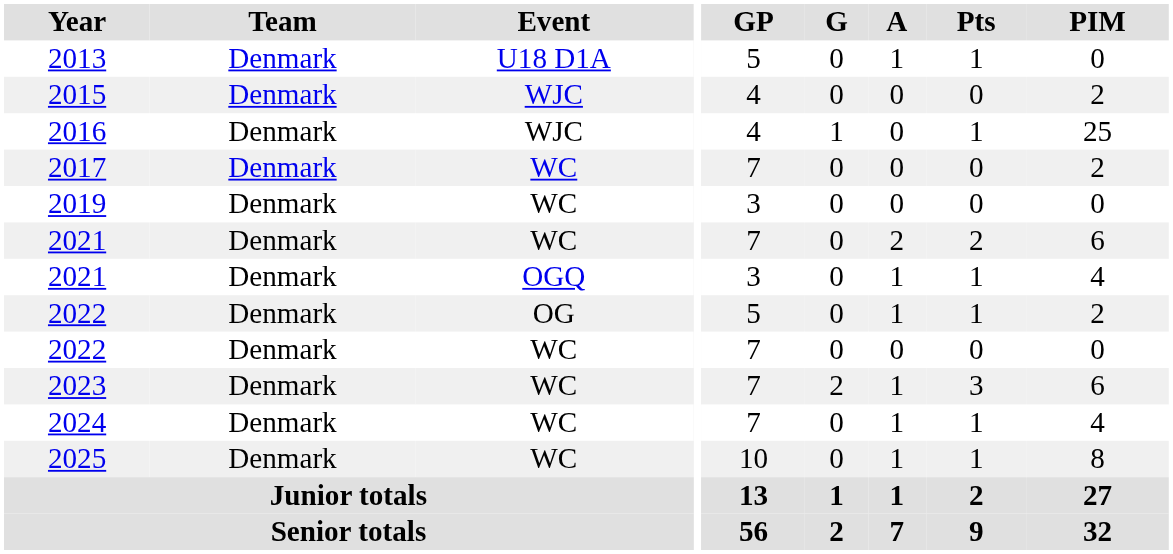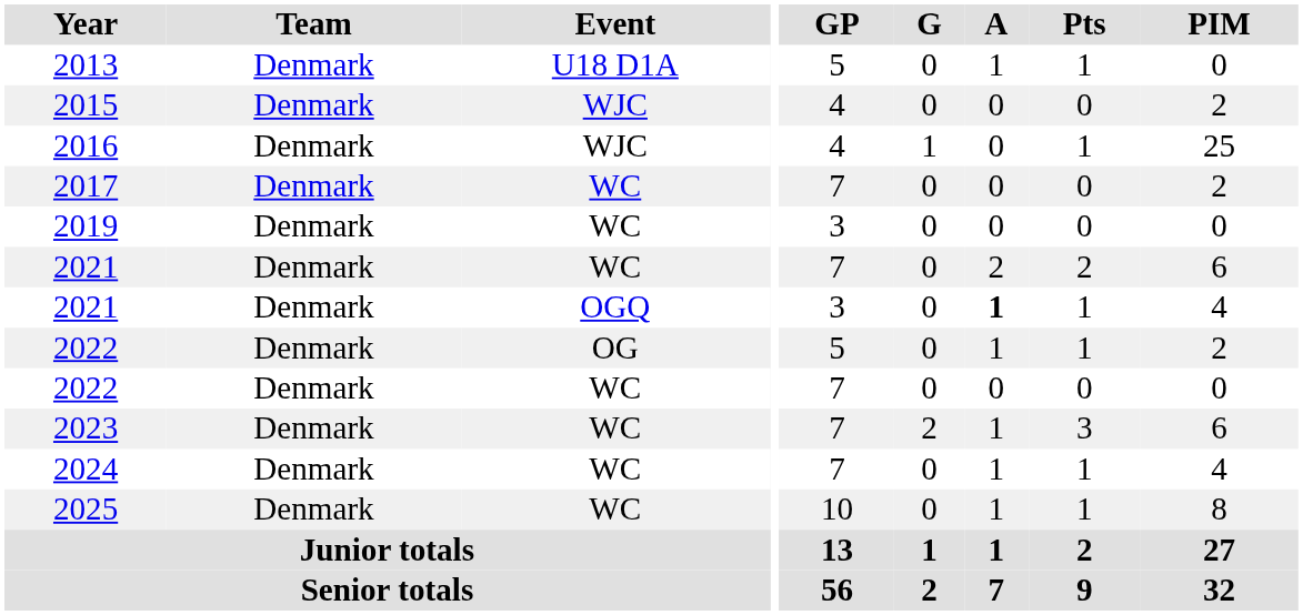 <table border="0" cellpadding="1" cellspacing="0" ID="Table3" style="text-align:center; width:40em">
 <tr ALIGN="center" bgcolor="#e0e0e0">
 <th>Year</th>
 <th>Team</th>
 <th>Event</th>
 <th rowspan="99" bgcolor="#ffffff"></th>
 <th>GP</th>
 <th>G</th>
 <th>A</th>
 <th>Pts</th>
 <th>PIM</th>
 </tr>
 <tr>
 <td><a href='#'>2013</a></td>
 <td><a href='#'>Denmark</a></td>
 <td><a href='#'>U18 D1A</a></td>
 <td>5</td>
 <td>0</td>
 <td>1</td>
 <td>1</td>
 <td>0</td>
 </tr>
 <tr bgcolor="#f0f0f0">
 <td><a href='#'>2015</a></td>
 <td><a href='#'>Denmark</a></td>
 <td><a href='#'>WJC</a></td>
 <td>4</td>
 <td>0</td>
 <td>0</td>
 <td>0</td>
 <td>2</td>
 </tr>
 <tr>
 <td><a href='#'>2016</a></td>
 <td>Denmark</td>
 <td>WJC</td>
 <td>4</td>
 <td>1</td>
 <td>0</td>
 <td>1</td>
 <td>25</td>
 </tr>
 <tr bgcolor="#f0f0f0">
 <td><a href='#'>2017</a></td>
 <td><a href='#'>Denmark</a></td>
 <td><a href='#'>WC</a></td>
 <td>7</td>
 <td>0</td>
 <td>0</td>
 <td>0</td>
 <td>2</td>
 </tr>
 <tr>
 <td><a href='#'>2019</a></td>
 <td>Denmark</td>
 <td>WC</td>
 <td>3</td>
 <td>0</td>
 <td>0</td>
 <td>0</td>
 <td>0</td>
 </tr>
 <tr bgcolor="#f0f0f0">
 <td><a href='#'>2021</a></td>
 <td>Denmark</td>
 <td>WC</td>
 <td>7</td>
 <td>0</td>
 <td>2</td>
 <td>2</td>
 <td>6</td>
 </tr>
 <tr>
 <td><a href='#'>2021</a></td>
 <td>Denmark</td>
 <td><a href='#'>OGQ</a></td>
 <td>3</td>
 <td>0</td>
-<td>1</td>
+<td><strong>1</strong></td>
 <td>1</td>
 <td>4</td>
 </tr>
 <tr bgcolor="#f0f0f0">
 <td><a href='#'>2022</a></td>
 <td>Denmark</td>
 <td>OG</td>
 <td>5</td>
 <td>0</td>
 <td>1</td>
 <td>1</td>
 <td>2</td>
 </tr>
 <tr>
 <td><a href='#'>2022</a></td>
 <td>Denmark</td>
 <td>WC</td>
 <td>7</td>
 <td>0</td>
 <td>0</td>
 <td>0</td>
 <td>0</td>
 </tr>
 <tr bgcolor="#f0f0f0">
 <td><a href='#'>2023</a></td>
 <td>Denmark</td>
 <td>WC</td>
 <td>7</td>
 <td>2</td>
 <td>1</td>
 <td>3</td>
 <td>6</td>
 </tr>
 <tr>
 <td><a href='#'>2024</a></td>
 <td>Denmark</td>
 <td>WC</td>
 <td>7</td>
 <td>0</td>
 <td>1</td>
 <td>1</td>
 <td>4</td>
 </tr>
 <tr bgcolor="#f0f0f0">
 <td><a href='#'>2025</a></td>
 <td>Denmark</td>
 <td>WC</td>
 <td>10</td>
 <td>0</td>
 <td>1</td>
 <td>1</td>
 <td>8</td>
 </tr>
 <tr bgcolor="#e0e0e0">
 <th colspan="3">Junior totals</th>
 <th>13</th>
 <th>1</th>
 <th>1</th>
 <th>2</th>
 <th>27</th>
 </tr>
 <tr bgcolor="#e0e0e0">
 <th colspan="3">Senior totals</th>
 <th>56</th>
 <th>2</th>
 <th>7</th>
 <th>9</th>
 <th>32</th>
 </tr>
 </table>
